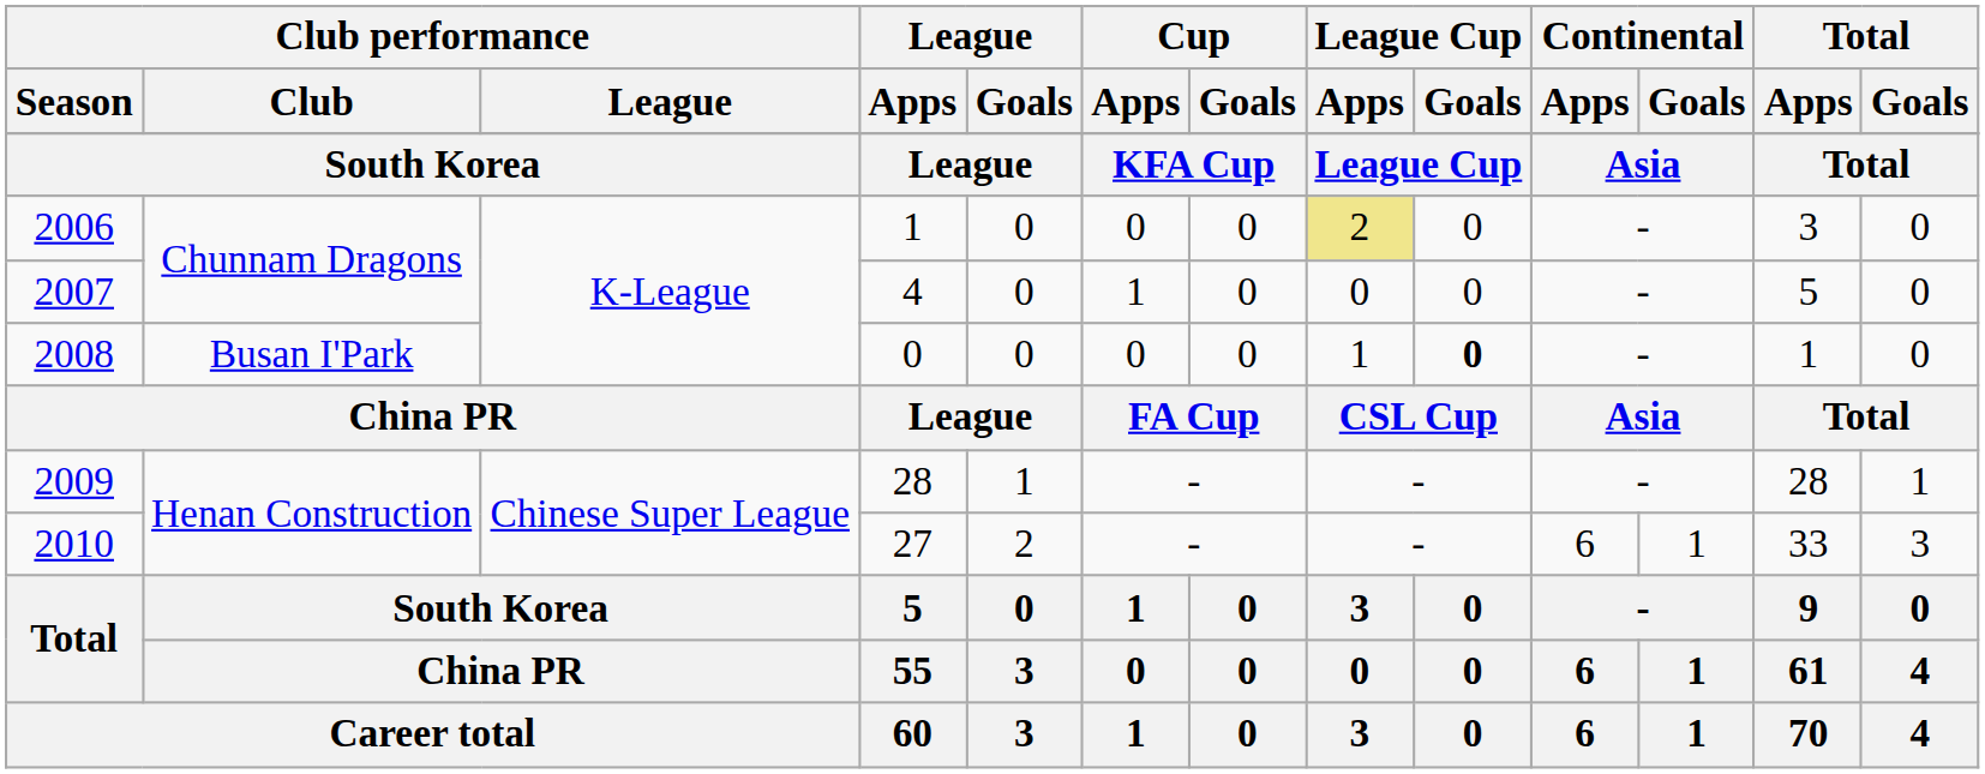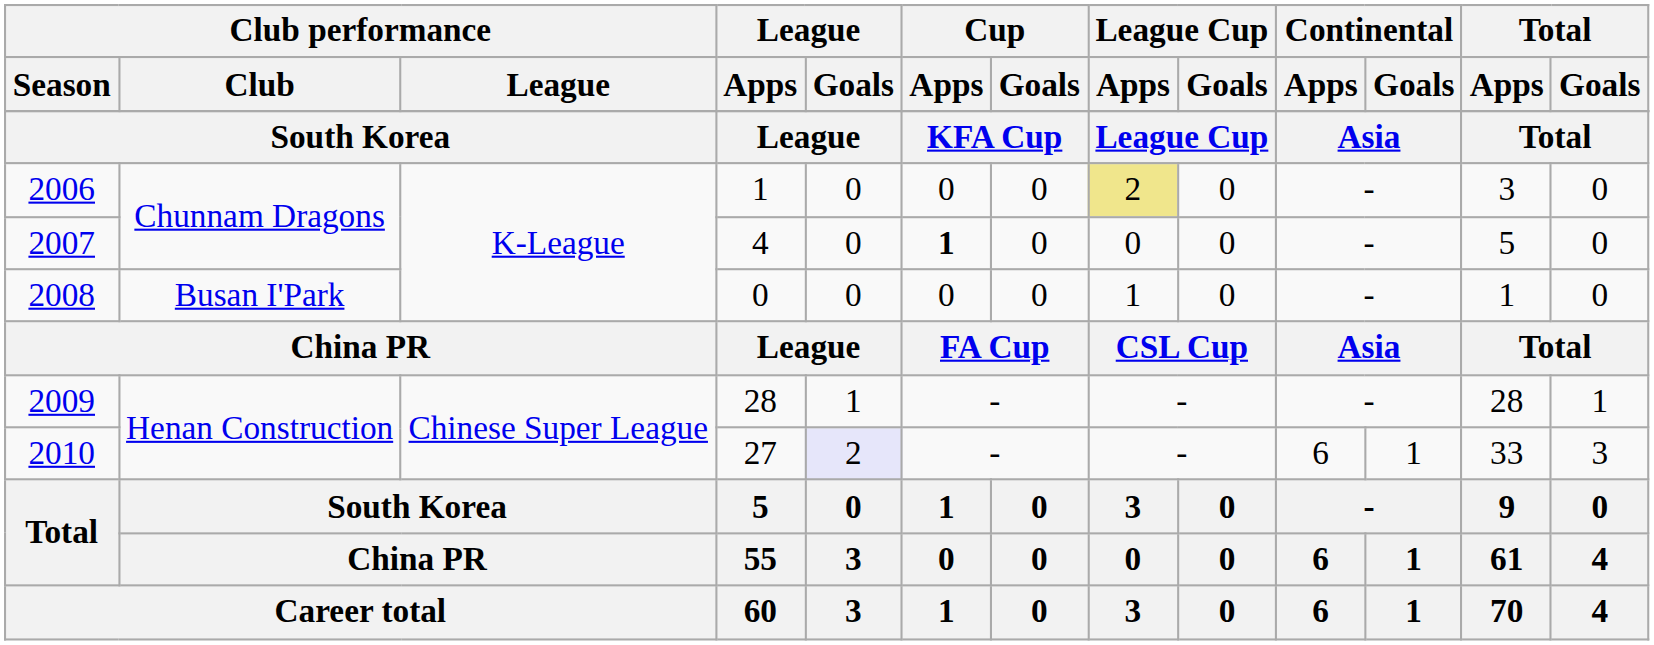 <table class="wikitable" style="text-align:center">
 <tr>
 <th colspan=3>Club performance</th>
 <th colspan=2>League</th>
 <th colspan=2>Cup</th>
 <th colspan=2>League Cup</th>
 <th colspan=2>Continental</th>
 <th colspan=2>Total</th>
 </tr>
 <tr>
 <th>Season</th>
 <th>Club</th>
 <th>League</th>
 <th>Apps</th>
 <th>Goals</th>
 <th>Apps</th>
 <th>Goals</th>
 <th>Apps</th>
 <th>Goals</th>
 <th>Apps</th>
 <th>Goals</th>
 <th>Apps</th>
 <th>Goals</th>
 </tr>
 <tr>
 </tr>
 <tr>
 <th colspan=3>South Korea</th>
 <th colspan=2>League</th>
 <th colspan=2><a href='#'>KFA Cup</a></th>
 <th colspan=2><a href='#'>League Cup</a></th>
 <th colspan=2><a href='#'>Asia</a></th>
 <th colspan=2>Total</th>
 </tr>
 <tr>
 <td><a href='#'>2006</a></td>
 <td rowspan="2"><a href='#'>Chunnam Dragons</a></td>
 <td rowspan="3"><a href='#'>K-League</a></td>
 <td>1</td>
 <td>0</td>
 <td>0</td>
 <td>0</td>
 <td style="background: khaki;">2</td>
 <td>0</td>
 <td colspan="2">-</td>
 <td>3</td>
 <td>0</td>
 </tr>
 <tr>
 <td><a href='#'>2007</a></td>
 <td>4</td>
 <td>0</td>
-<td>1</td>
+<td><strong>1</strong></td>
 <td>0</td>
 <td>0</td>
 <td>0</td>
 <td colspan="2">-</td>
 <td>5</td>
 <td>0</td>
 </tr>
 <tr>
 <td><a href='#'>2008</a></td>
 <td><a href='#'>Busan I'Park</a></td>
 <td>0</td>
 <td>0</td>
 <td>0</td>
 <td>0</td>
 <td>1</td>
-<td><strong>0</strong></td>
+<td>0</td>
 <td colspan="2">-</td>
 <td>1</td>
 <td>0</td>
 </tr>
 <tr>
 <th colspan=3>China PR</th>
 <th colspan=2>League</th>
 <th colspan=2><a href='#'>FA Cup</a></th>
 <th colspan=2><a href='#'>CSL Cup</a></th>
 <th colspan=2><a href='#'>Asia</a></th>
 <th colspan=2>Total</th>
 </tr>
 <tr>
 <td><a href='#'>2009</a></td>
 <td rowspan="2"><a href='#'>Henan Construction</a></td>
 <td rowspan="2"><a href='#'>Chinese Super League</a></td>
 <td>28</td>
 <td>1</td>
 <td colspan="2">-</td>
 <td colspan="2">-</td>
 <td colspan="2">-</td>
 <td>28</td>
 <td>1</td>
 </tr>
 <tr>
 <td><a href='#'>2010</a></td>
 <td>27</td>
-<td>2</td>
+<td style="background: lavender;">2</td>
 <td colspan="2">-</td>
 <td colspan="2">-</td>
 <td>6</td>
 <td>1</td>
 <td>33</td>
 <td>3</td>
 </tr>
 <tr>
 <th rowspan=2>Total</th>
 <th colspan=2>South Korea</th>
 <th>5</th>
 <th>0</th>
 <th>1</th>
 <th>0</th>
 <th>3</th>
 <th>0</th>
 <th colspan="2">-</th>
 <th>9</th>
 <th>0</th>
 </tr>
 <tr>
 <th colspan=2>China PR</th>
 <th>55</th>
 <th>3</th>
 <th>0</th>
 <th>0</th>
 <th>0</th>
 <th>0</th>
 <th>6</th>
 <th>1</th>
 <th>61</th>
 <th>4</th>
 </tr>
 <tr>
 <th colspan=3>Career total</th>
 <th>60</th>
 <th>3</th>
 <th>1</th>
 <th>0</th>
 <th>3</th>
 <th>0</th>
 <th>6</th>
 <th>1</th>
 <th>70</th>
 <th>4</th>
 </tr>
 </table>
